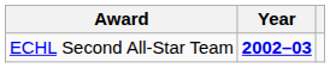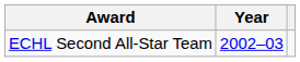 <table class="wikitable">
 <tr>
 <th>Award</th>
 <th>Year</th>
 <th></th>
 </tr>
 <tr>
 <td><a href='#'>ECHL</a> Second All-Star Team</td>
-<td><strong><a href='#'>2002–03</a></strong></td>
+<td><a href='#'>2002–03</a></td>
 <td></td>
 </tr>
 </table>
